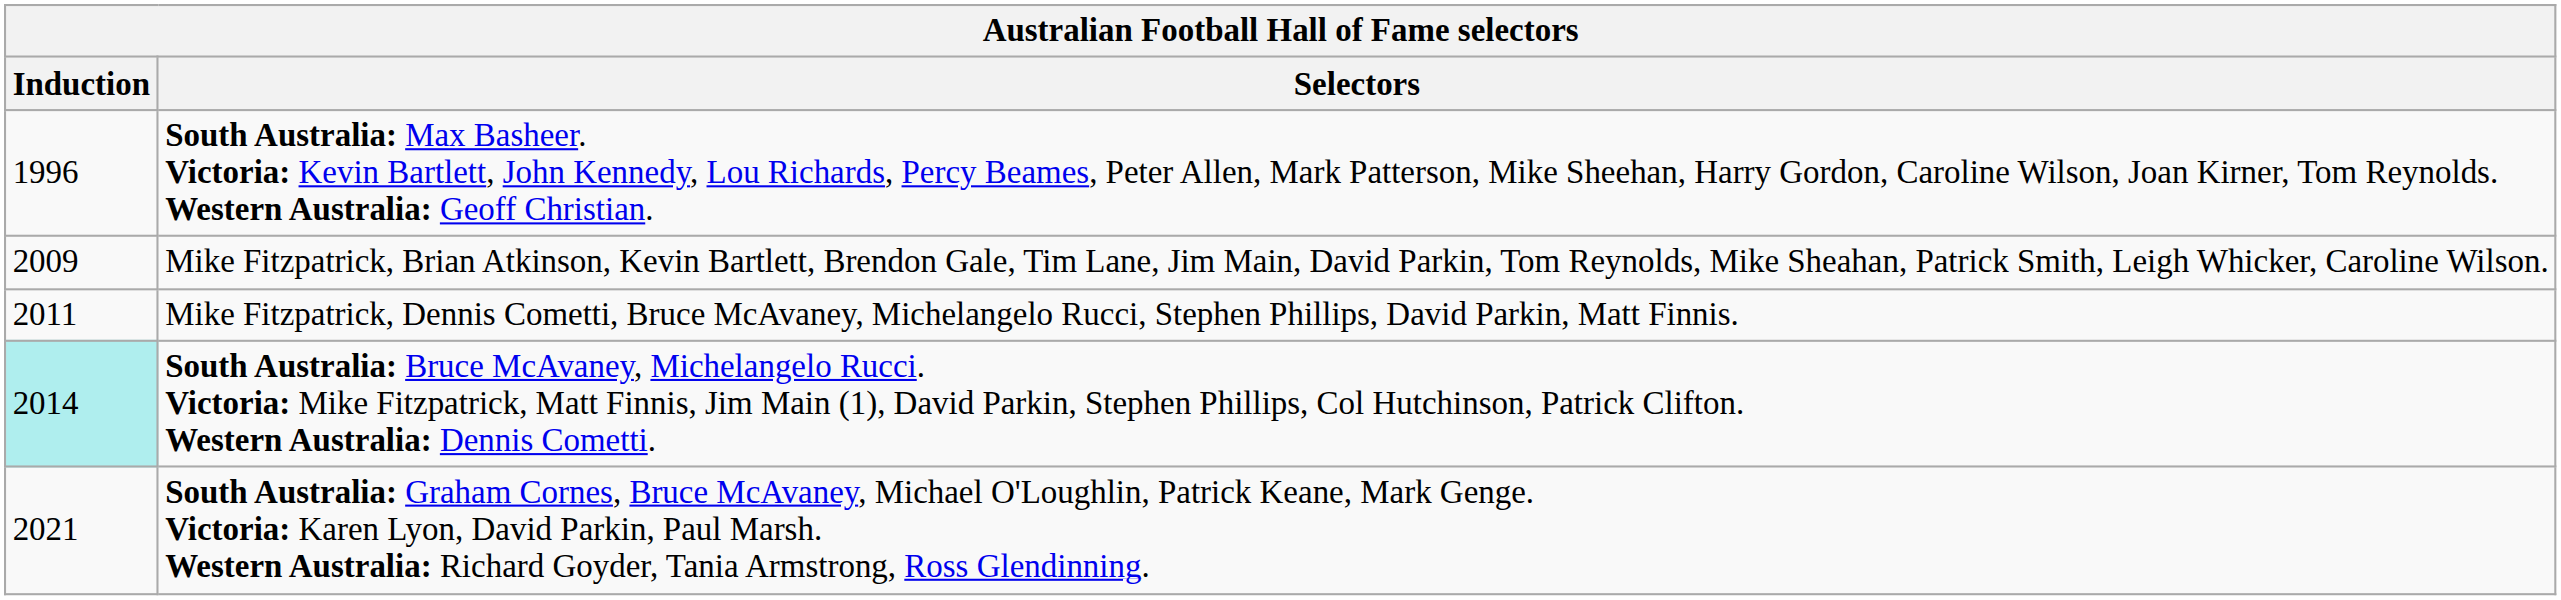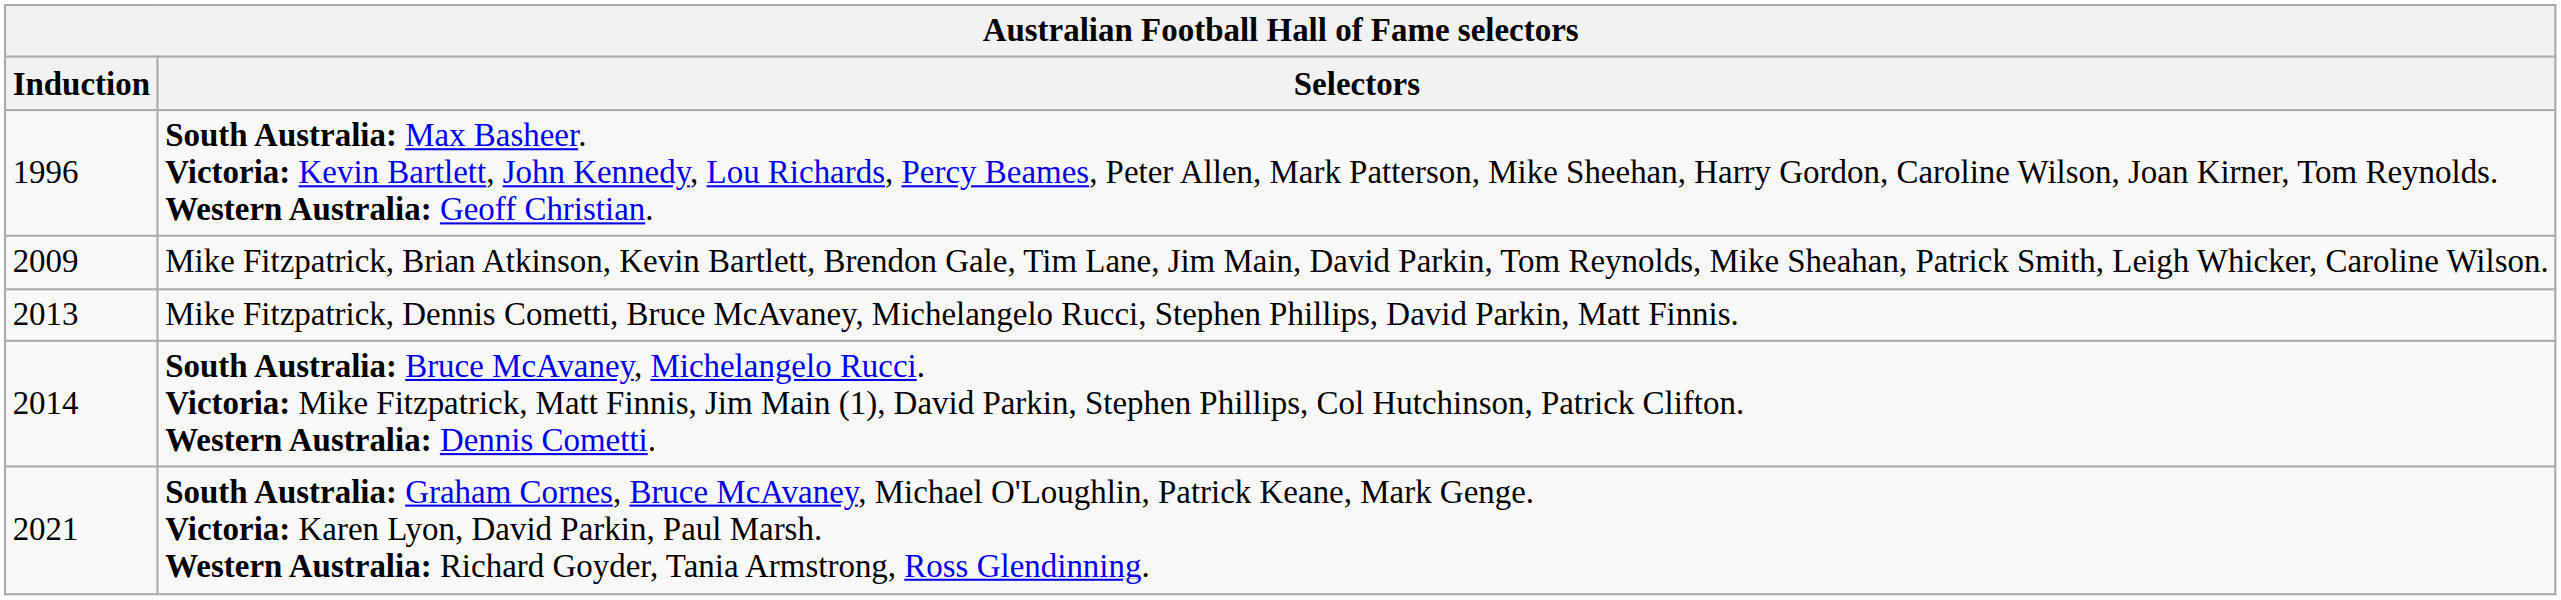 <table class="wikitable">
 <tr>
 <th colspan="2">Australian Football Hall of Fame selectors</th>
 </tr>
 <tr>
 <th>Induction</th>
 <th>Selectors</th>
 </tr>
 <tr>
 <td>1996</td>
 <td><strong>South Australia:</strong> <a href='#'>Max Basheer</a>.<br><strong>Victoria:</strong> <a href='#'>Kevin Bartlett</a>, <a href='#'>John Kennedy</a>, <a href='#'>Lou Richards</a>, <a href='#'>Percy Beames</a>, Peter Allen, Mark Patterson, Mike Sheehan, Harry Gordon, Caroline Wilson, Joan Kirner, Tom Reynolds.<br><strong>Western Australia:</strong> <a href='#'>Geoff Christian</a>.</td>
 </tr>
 <tr>
 <td>2009</td>
 <td>Mike Fitzpatrick, Brian Atkinson, Kevin Bartlett, Brendon Gale, Tim Lane, Jim Main, David Parkin, Tom Reynolds, Mike Sheahan, Patrick Smith, Leigh Whicker, Caroline Wilson.</td>
 </tr>
 <tr>
-<td>2011</td>
+<td>2013</td>
 <td>Mike Fitzpatrick, Dennis Cometti, Bruce McAvaney, Michelangelo Rucci, Stephen Phillips, David Parkin, Matt Finnis.</td>
 </tr>
 <tr>
-<td style="background: paleturquoise;">2014</td>
+<td>2014</td>
 <td><strong>South Australia:</strong> <a href='#'>Bruce McAvaney</a>, <a href='#'>Michelangelo Rucci</a>.<br><strong>Victoria:</strong> Mike Fitzpatrick, Matt Finnis, Jim Main (1), David Parkin, Stephen Phillips, Col Hutchinson, Patrick Clifton.<br><strong>Western Australia:</strong> <a href='#'>Dennis Cometti</a>.</td>
 </tr>
 <tr>
 <td>2021</td>
 <td><strong>South Australia:</strong> <a href='#'>Graham Cornes</a>, <a href='#'>Bruce McAvaney</a>, Michael O'Loughlin, Patrick Keane, Mark Genge.<br><strong>Victoria:</strong> Karen Lyon, David Parkin, Paul Marsh.<br><strong>Western Australia:</strong> Richard Goyder, Tania Armstrong, <a href='#'>Ross Glendinning</a>.</td>
 </tr>
 </table>
